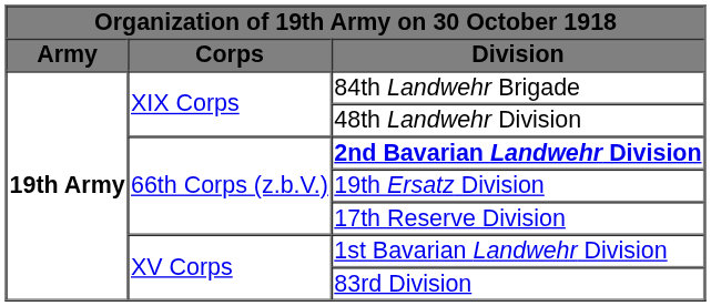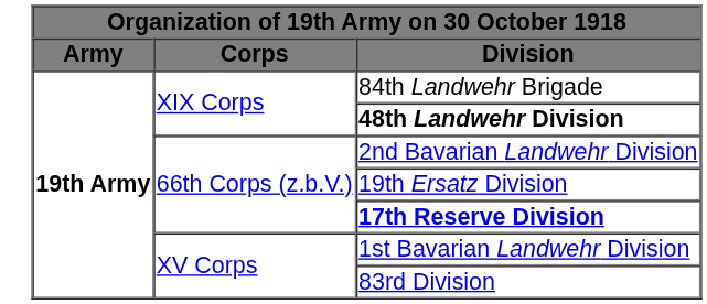 <table style="float: right;" border="1" cellpadding="1" cellspacing="0" style="font-size: 100%; border: gray solid 1px; border-collapse: collapse; text-align: center;">
 <tr style="background-color:grey; color:black;">
 <th colspan="3">Organization of 19th Army on 30 October 1918</th>
 </tr>
 <tr>
 </tr>
 <tr style="background-color:grey; color:black;">
 <th>Army</th>
 <th>Corps</th>
 <th>Division</th>
 </tr>
 <tr>
 <td ROWSPAN=7><strong>19th Army</strong></td>
 <td ROWSPAN=2><a href='#'>XIX Corps</a></td>
 <td>84th <em>Landwehr</em> Brigade</td>
 </tr>
 <tr>
-<td>48th <em>Landwehr</em> Division</td>
+<td><strong>48th <em>Landwehr</em> Division</strong></td>
 </tr>
 <tr>
 <td ROWSPAN=3><a href='#'>66th Corps (z.b.V.)</a></td>
-<td><strong><a href='#'>2nd Bavarian <em>Landwehr</em> Division</a></strong></td>
+<td><a href='#'>2nd Bavarian <em>Landwehr</em> Division</a></td>
 </tr>
 <tr>
 <td><a href='#'>19th <em>Ersatz</em> Division</a></td>
 </tr>
 <tr>
-<td><a href='#'>17th Reserve Division</a></td>
+<td><strong><a href='#'>17th Reserve Division</a></strong></td>
 </tr>
 <tr>
 <td ROWSPAN=2><a href='#'>XV Corps</a></td>
 <td><a href='#'>1st Bavarian <em>Landwehr</em> Division</a></td>
 </tr>
 <tr>
 <td><a href='#'>83rd Division</a></td>
 </tr>
 </table>
